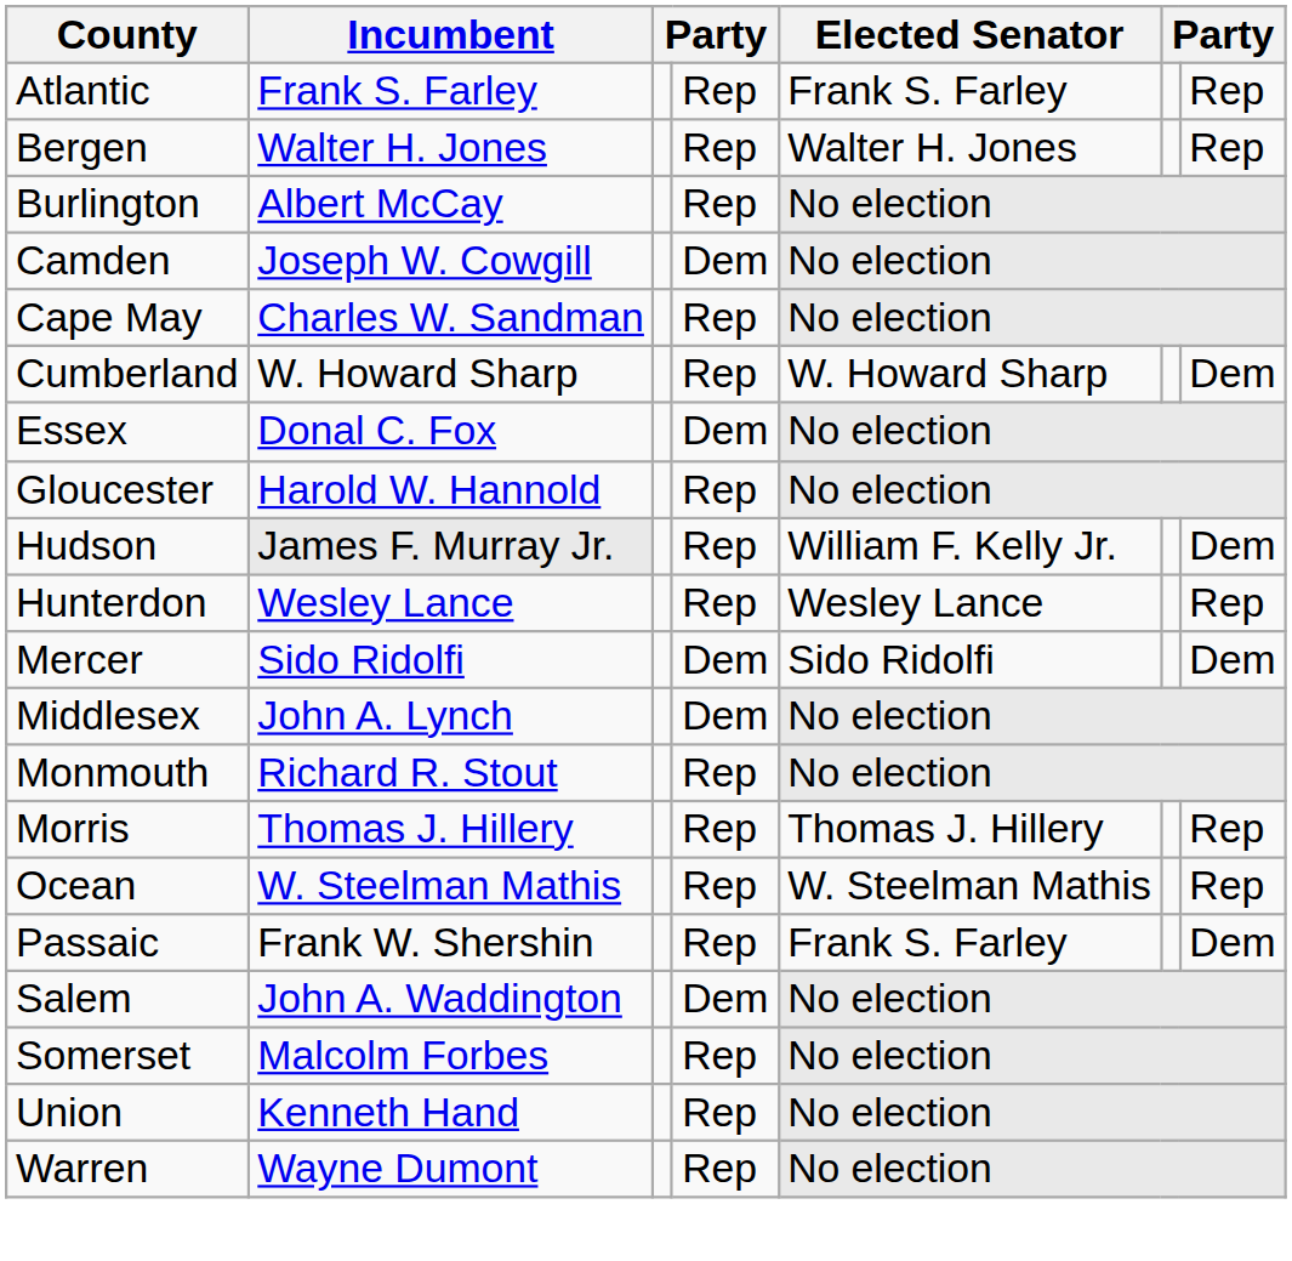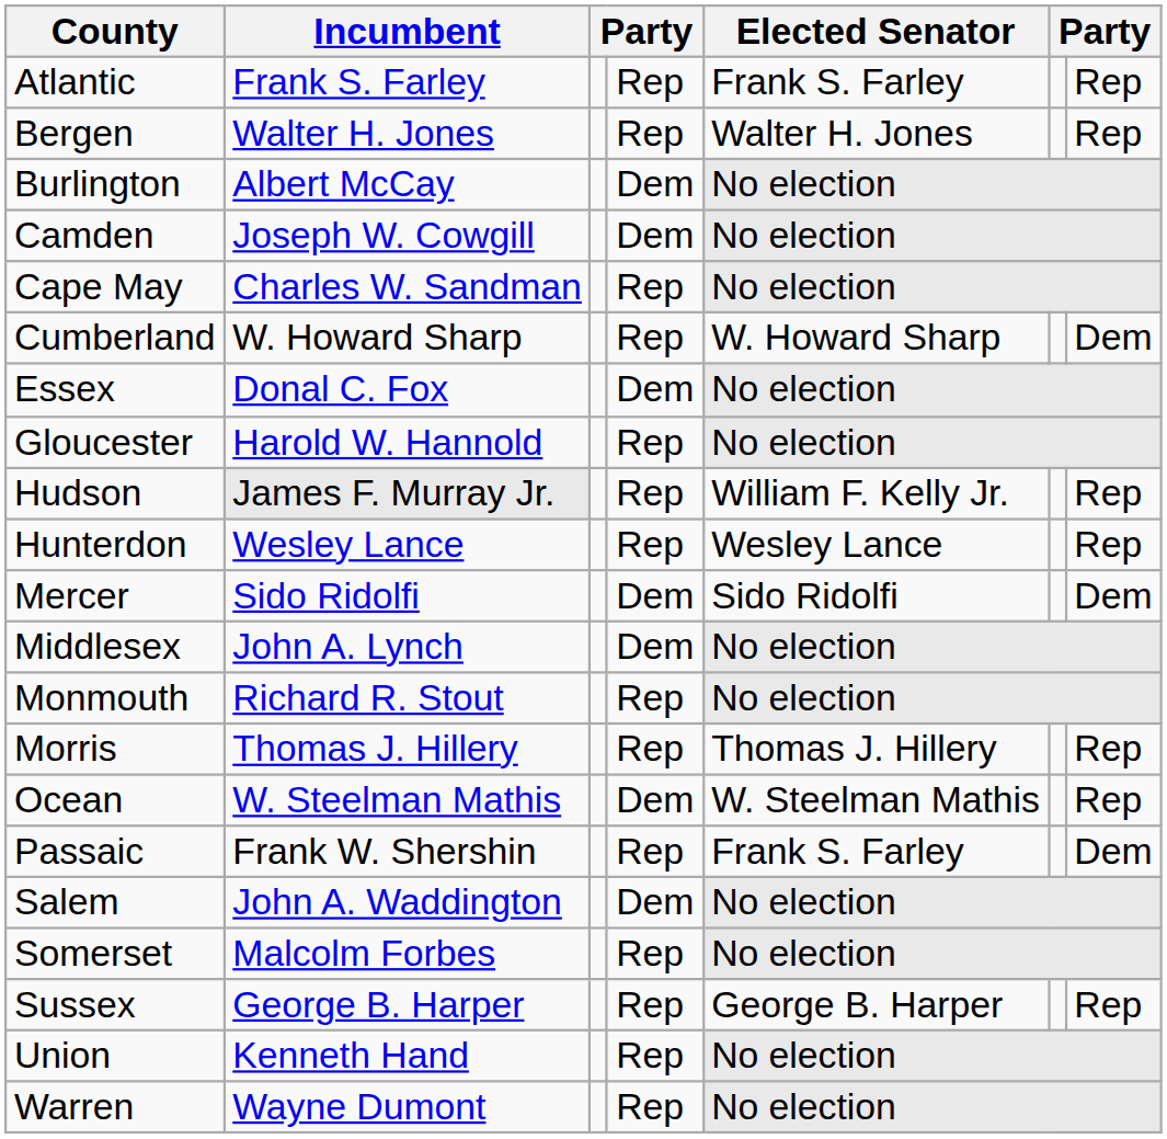 <table class="sortable wikitable" style="font-size:95%;line-height:14px;">
 <tr>
 <th>County</th>
 <th class="unsortable"><a href='#'>Incumbent</a></th>
 <th colspan="2">Party</th>
 <th>Elected Senator</th>
 <th colspan="2">Party</th>
 </tr>
 <tr>
 <td>Atlantic</td>
 <td><a href='#'>Frank S. Farley</a></td>
 <td style="background:"></td>
 <td>Rep</td>
 <td>Frank S. Farley</td>
 <td style="background:"></td>
 <td>Rep</td>
 </tr>
 <tr>
 <td>Bergen</td>
 <td><a href='#'>Walter H. Jones</a></td>
 <td style="background:"></td>
 <td>Rep</td>
 <td>Walter H. Jones</td>
 <td style="background:"></td>
 <td>Rep</td>
 </tr>
 <tr>
 <td>Burlington</td>
 <td><a href='#'>Albert McCay</a></td>
 <td style="background:"></td>
-<td>Rep</td>
+<td>Dem</td>
 <td colspan="3" style="background:#E9E9E9;">No election</td>
 </tr>
 <tr>
 <td>Camden</td>
 <td><a href='#'>Joseph W. Cowgill</a></td>
 <td style="background:"></td>
 <td>Dem</td>
 <td colspan="3" style="background:#E9E9E9;">No election</td>
 </tr>
 <tr>
 <td>Cape May</td>
 <td><a href='#'>Charles W. Sandman</a></td>
 <td style="background:"></td>
 <td>Rep</td>
 <td colspan="3" style="background:#E9E9E9;">No election</td>
 </tr>
 <tr>
 <td>Cumberland</td>
 <td>W. Howard Sharp</td>
 <td style="background:"></td>
 <td>Rep</td>
 <td>W. Howard Sharp</td>
 <td style="background:"></td>
 <td>Dem</td>
 </tr>
 <tr>
 <td>Essex</td>
 <td><a href='#'>Donal C. Fox</a></td>
 <td style="background:"></td>
 <td>Dem</td>
 <td colspan="3" style="background:#E9E9E9;">No election</td>
 </tr>
 <tr>
 <td>Gloucester</td>
 <td><a href='#'>Harold W. Hannold</a></td>
 <td style="background:"></td>
 <td>Rep</td>
 <td colspan="3" style="background:#E9E9E9;">No election</td>
 </tr>
 <tr>
 <td>Hudson</td>
 <td style="background:#E9E9E9;">James F. Murray Jr.</td>
 <td style="background:"></td>
 <td>Rep</td>
 <td>William F. Kelly Jr.</td>
 <td style="background:"></td>
-<td>Dem</td>
+<td>Rep</td>
 </tr>
 <tr>
 <td>Hunterdon</td>
 <td><a href='#'>Wesley Lance</a></td>
 <td style="background:"></td>
 <td>Rep</td>
 <td>Wesley Lance</td>
 <td style="background:"></td>
 <td>Rep</td>
 </tr>
 <tr>
 <td>Mercer</td>
 <td><a href='#'>Sido Ridolfi</a></td>
 <td style="background:"></td>
 <td>Dem</td>
 <td>Sido Ridolfi</td>
 <td style="background:"></td>
 <td>Dem</td>
 </tr>
 <tr>
 <td>Middlesex</td>
 <td><a href='#'>John A. Lynch</a></td>
 <td style="background:"></td>
 <td>Dem</td>
 <td colspan="3" style="background:#E9E9E9;">No election</td>
 </tr>
 <tr>
 <td>Monmouth</td>
 <td><a href='#'>Richard R. Stout</a></td>
 <td style="background:"></td>
 <td>Rep</td>
 <td colspan="3" style="background:#E9E9E9;">No election</td>
 </tr>
 <tr>
 <td>Morris</td>
 <td><a href='#'>Thomas J. Hillery</a></td>
 <td style="background:"></td>
 <td>Rep</td>
 <td>Thomas J. Hillery</td>
 <td style="background:"></td>
 <td>Rep</td>
 </tr>
 <tr>
 <td>Ocean</td>
 <td><a href='#'>W. Steelman Mathis</a></td>
 <td style="background:"></td>
-<td>Rep</td>
+<td>Dem</td>
 <td>W. Steelman Mathis</td>
 <td style="background:"></td>
 <td>Rep</td>
 </tr>
 <tr>
 <td>Passaic</td>
 <td>Frank W. Shershin</td>
 <td style="background:"></td>
 <td>Rep</td>
 <td>Frank S. Farley</td>
 <td style="background:"></td>
 <td>Dem</td>
 </tr>
 <tr>
 <td>Salem</td>
 <td><a href='#'>John A. Waddington</a></td>
 <td style="background:"></td>
 <td>Dem</td>
 <td colspan="3" style="background:#E9E9E9;">No election</td>
 </tr>
 <tr>
 <td>Somerset</td>
 <td><a href='#'>Malcolm Forbes</a></td>
 <td style="background:"></td>
 <td>Rep</td>
 <td colspan="3" style="background:#E9E9E9;">No election</td>
 </tr>
 <tr>
+<td>Sussex</td>
+<td><a href='#'>George B. Harper</a></td>
+<td style="background:"></td>
+<td>Rep</td>
+<td>George B. Harper</td>
+<td style="background:"></td>
+<td>Rep</td>
+</tr>
+<tr>
 <td>Union</td>
 <td><a href='#'>Kenneth Hand</a></td>
 <td style="background:"></td>
 <td>Rep</td>
 <td colspan="3" style="background:#E9E9E9;">No election</td>
 </tr>
 <tr>
 <td>Warren</td>
 <td><a href='#'>Wayne Dumont</a></td>
 <td style="background:"></td>
 <td>Rep</td>
 <td colspan="3" style="background:#E9E9E9;">No election</td>
 </tr>
 </table>
